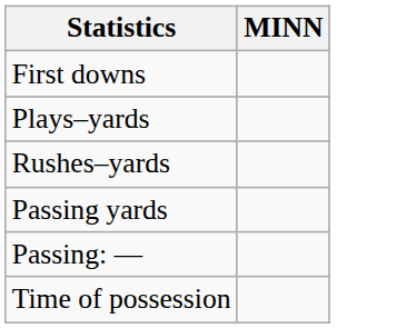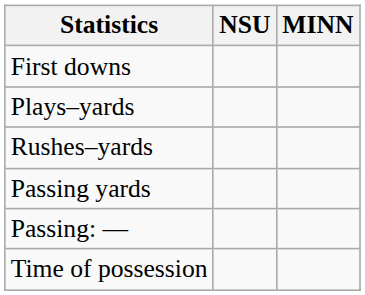 <table class="wikitable" style="float:left">
 <tr>
 <th>Statistics</th>
+<th>NSU</th>
 <th>MINN</th>
 </tr>
 <tr>
 <td>First downs</td>
 <td></td>
+<td></td>
 </tr>
 <tr>
 <td>Plays–yards</td>
+<td></td>
 <td></td>
 </tr>
 <tr>
 <td>Rushes–yards</td>
 <td></td>
+<td></td>
 </tr>
 <tr>
 <td>Passing yards</td>
+<td></td>
 <td></td>
 </tr>
 <tr>
 <td>Passing: ––</td>
 <td></td>
+<td></td>
 </tr>
 <tr>
 <td>Time of possession</td>
 <td></td>
+<td></td>
 </tr>
 </table>
